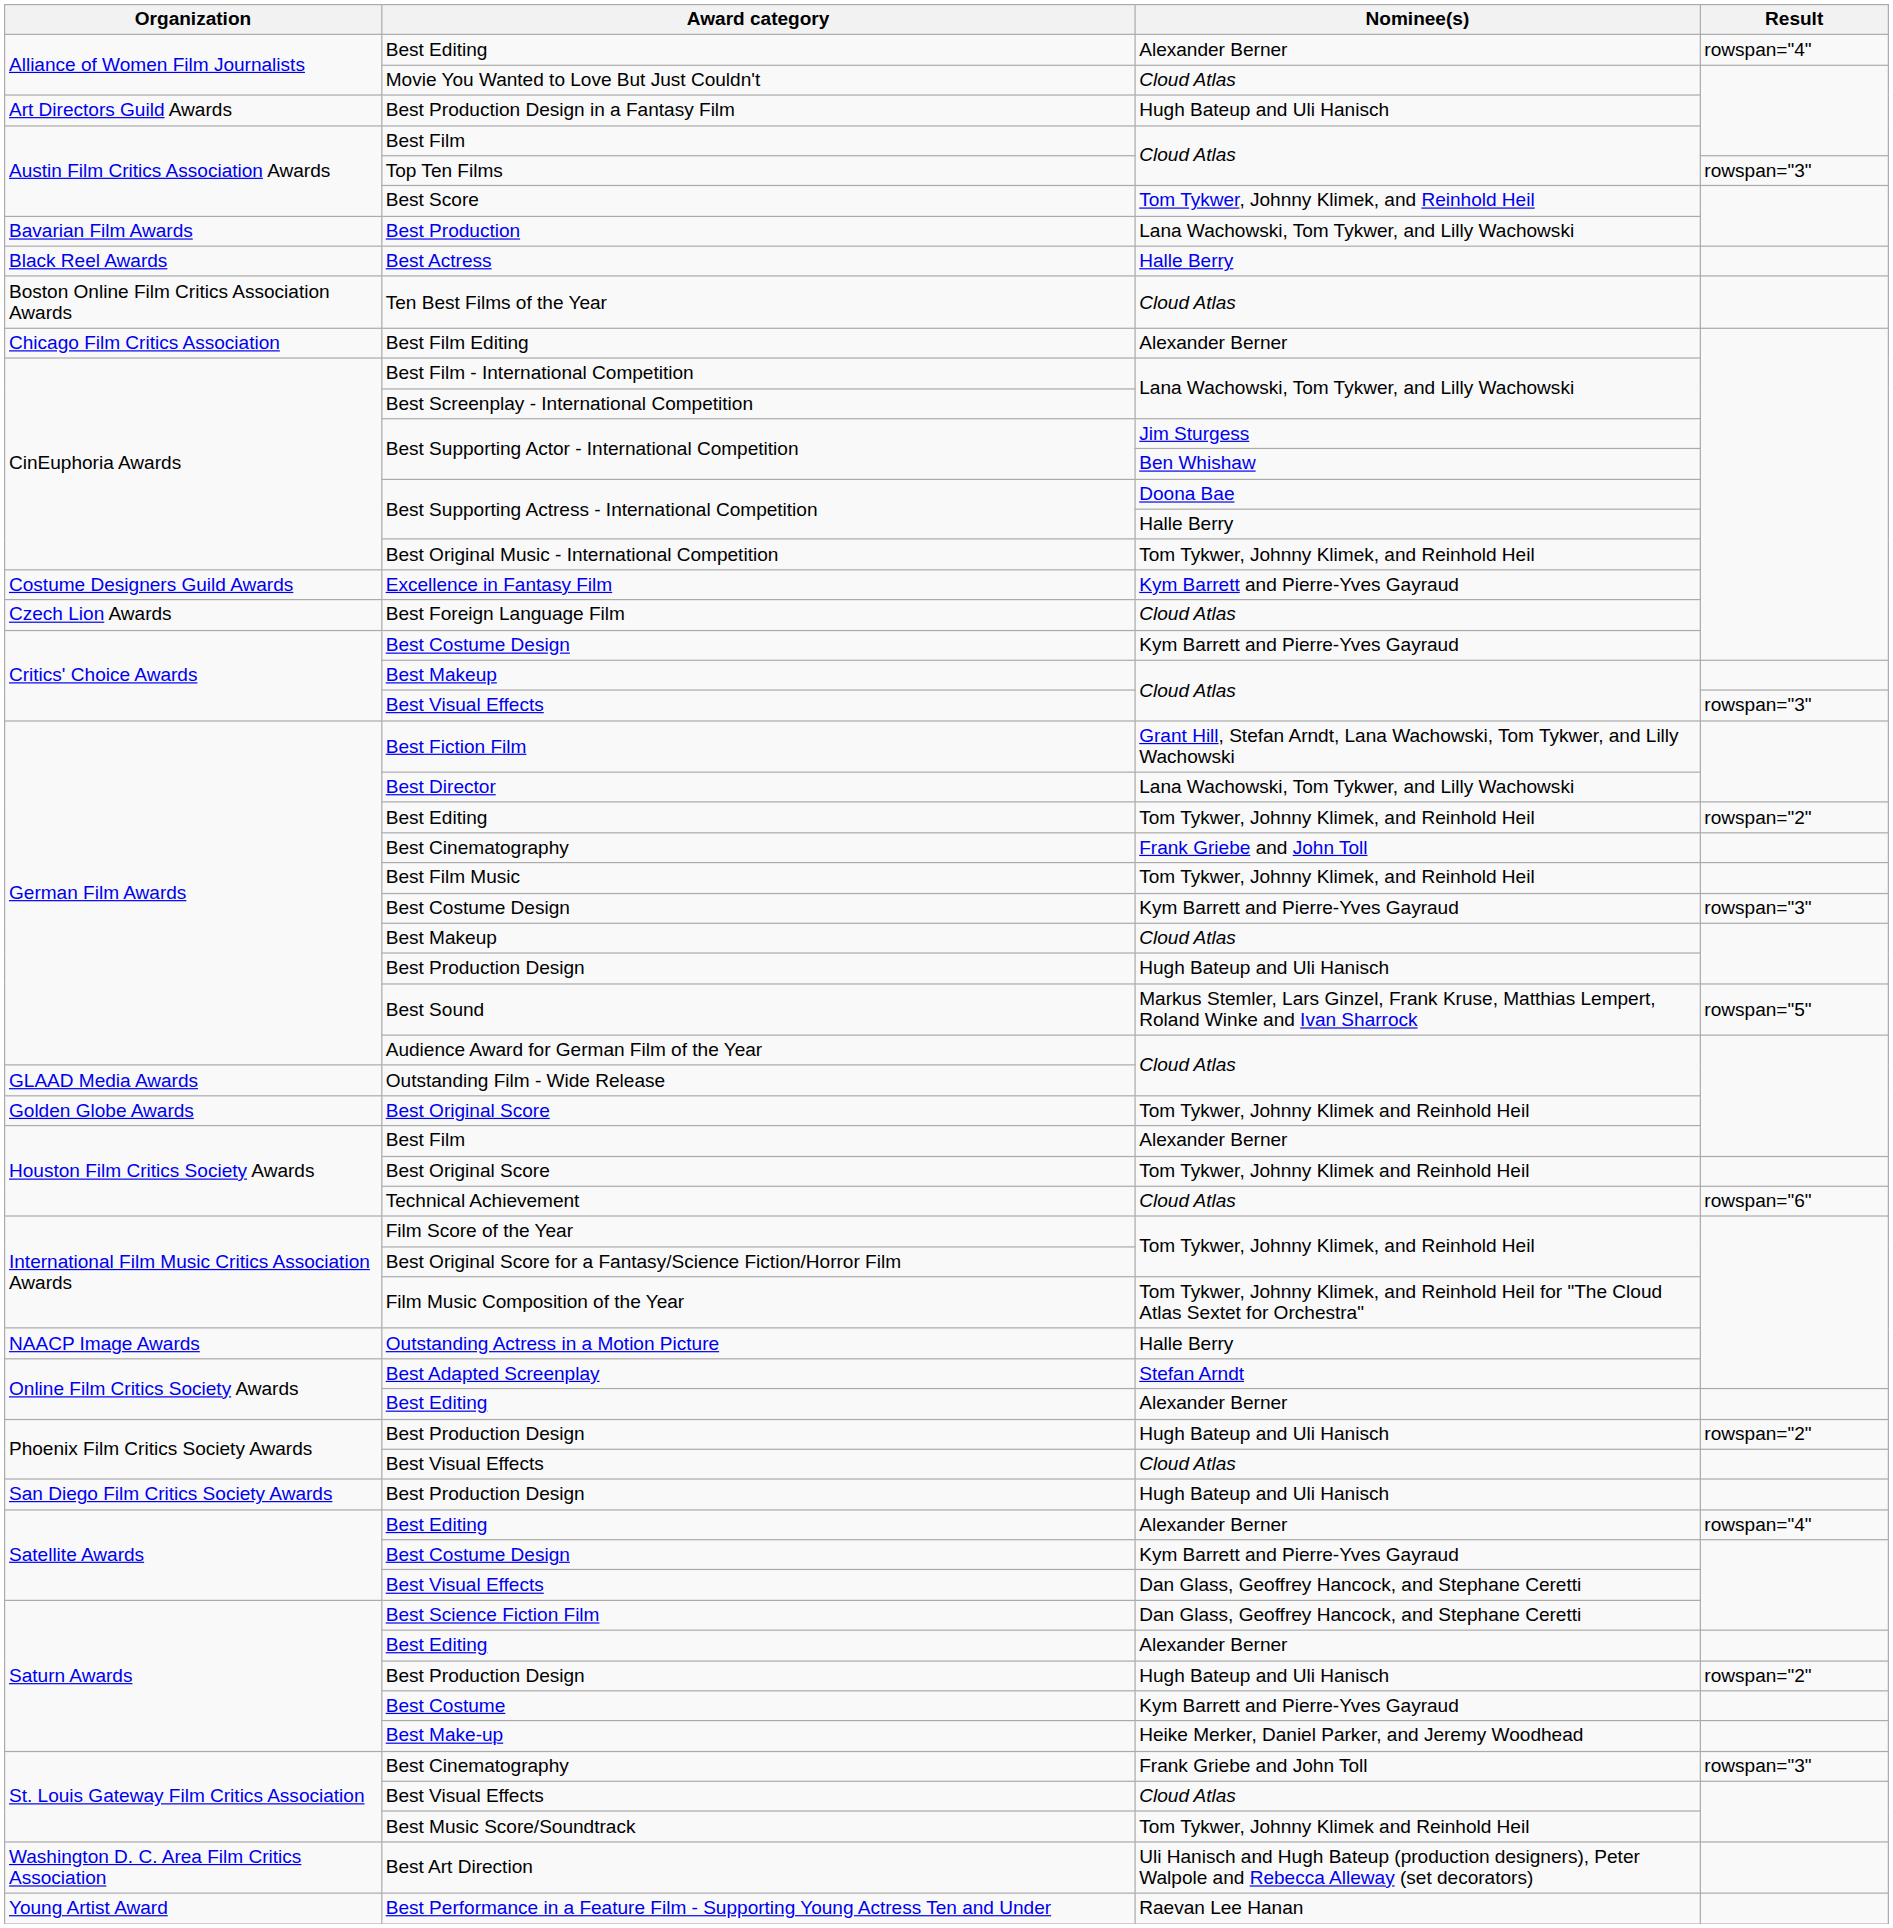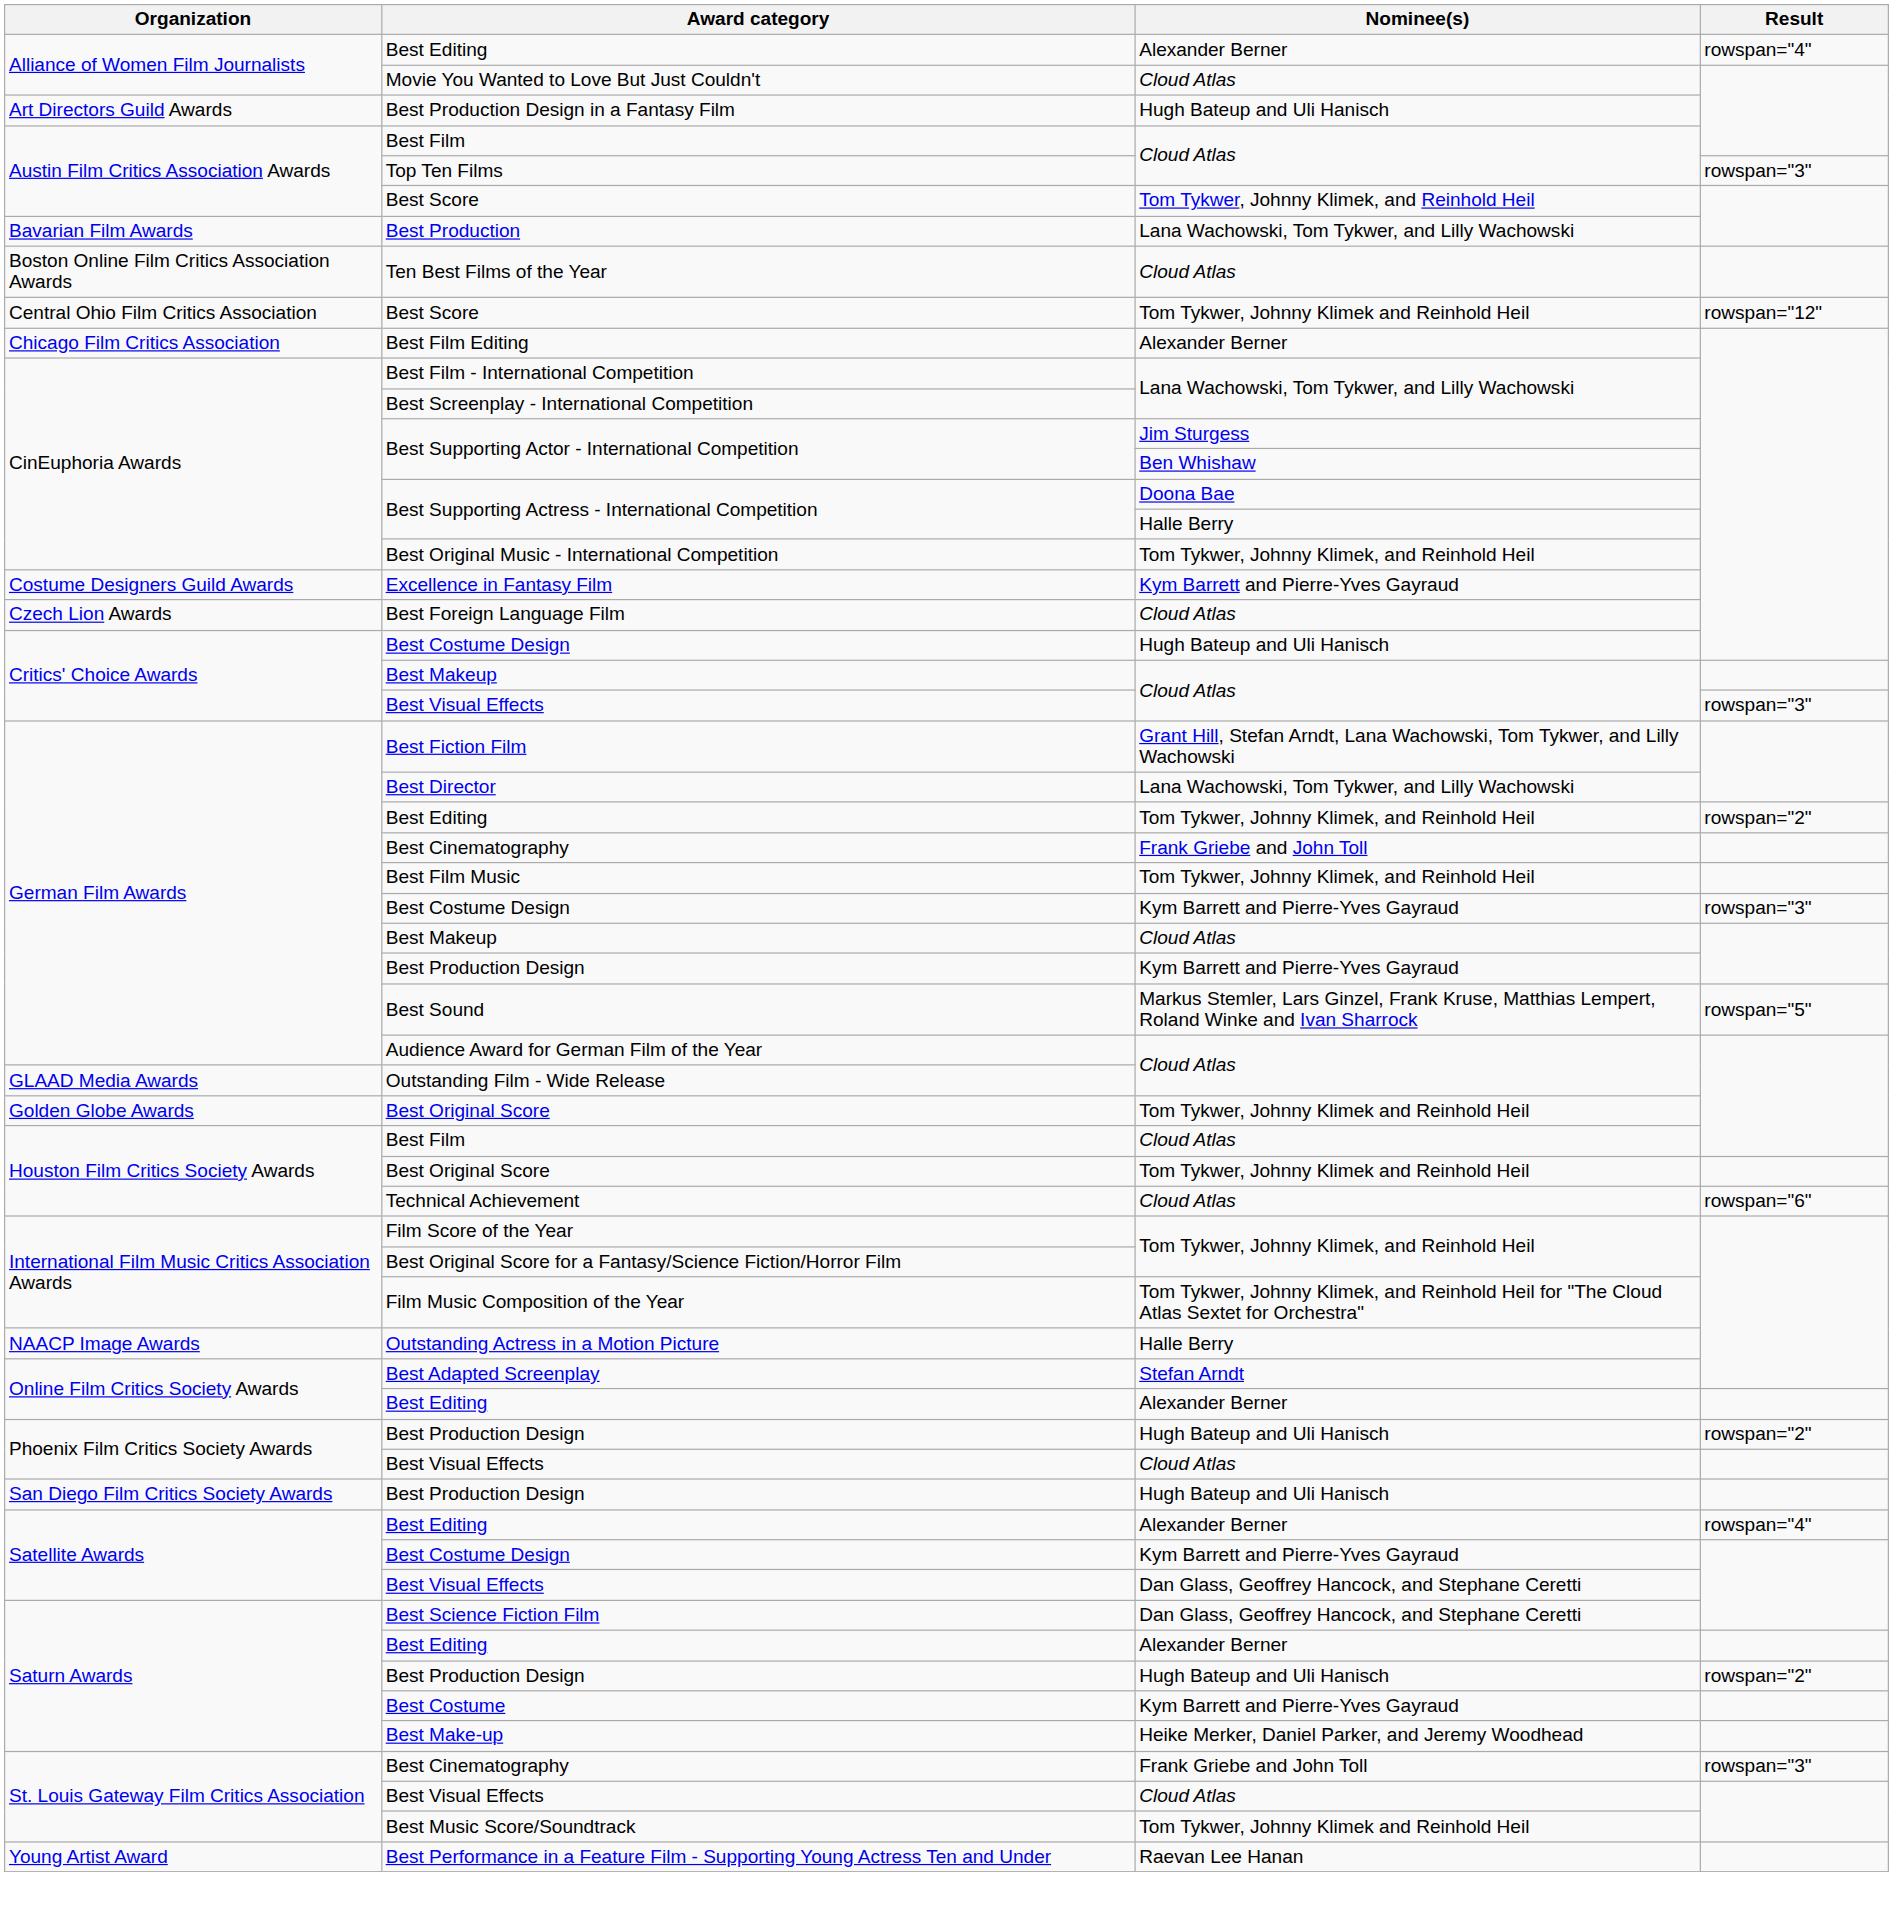 <table class="wikitable" style="width:100%; border-spacing: 5px;">
 <tr>
 <th style="width:20%;">Organization</th>
 <th style="width:40%;">Award category</th>
 <th style="width:30%;">Nominee(s)</th>
 <th style="width:10%;">Result</th>
 </tr>
 <tr>
 <td rowspan="2"><a href='#'>Alliance of Women Film Journalists</a></td>
 <td>Best Editing</td>
 <td>Alexander Berner</td>
 <td>rowspan="4" </td>
 </tr>
 <tr>
 <td>Movie You Wanted to Love But Just Couldn't</td>
 <td><em>Cloud Atlas</em></td>
 </tr>
 <tr>
 <td><a href='#'>Art Directors Guild</a> Awards</td>
 <td>Best Production Design in a Fantasy Film</td>
 <td>Hugh Bateup and Uli Hanisch</td>
 </tr>
 <tr>
 <td rowspan="3"><a href='#'>Austin Film Critics Association</a> Awards</td>
 <td>Best Film</td>
 <td rowspan=2><em>Cloud Atlas</em></td>
 </tr>
 <tr>
 <td>Top Ten Films</td>
 <td>rowspan="3" </td>
 </tr>
 <tr>
 <td>Best Score</td>
 <td><a href='#'>Tom Tykwer</a>, Johnny Klimek, and <a href='#'>Reinhold Heil</a></td>
 </tr>
 <tr>
 <td><a href='#'>Bavarian Film Awards</a></td>
 <td><a href='#'>Best Production</a></td>
 <td>Lana Wachowski, Tom Tykwer, and Lilly Wachowski</td>
 </tr>
 <tr>
-<td><a href='#'>Black Reel Awards</a></td>
-<td><a href='#'>Best Actress</a></td>
-<td><a href='#'>Halle Berry</a></td>
-<td></td>
-</tr>
-<tr>
 <td>Boston Online Film Critics Association Awards</td>
 <td>Ten Best Films of the Year</td>
 <td><em>Cloud Atlas</em></td>
 <td></td>
+</tr>
+<tr>
+<td>Central Ohio Film Critics Association</td>
+<td>Best Score</td>
+<td>Tom Tykwer, Johnny Klimek and Reinhold Heil</td>
+<td>rowspan="12" </td>
 </tr>
 <tr>
 <td><a href='#'>Chicago Film Critics Association</a></td>
 <td>Best Film Editing</td>
 <td>Alexander Berner</td>
 </tr>
 <tr>
 <td rowspan="7">CinEuphoria Awards</td>
 <td>Best Film - International Competition</td>
 <td rowspan="2">Lana Wachowski, Tom Tykwer, and Lilly Wachowski</td>
 </tr>
 <tr>
 <td>Best Screenplay - International Competition</td>
 </tr>
 <tr>
 <td rowspan="2">Best Supporting Actor - International Competition</td>
 <td><a href='#'>Jim Sturgess</a></td>
 </tr>
 <tr>
 <td><a href='#'>Ben Whishaw</a></td>
 </tr>
 <tr>
 <td rowspan="2">Best Supporting Actress - International Competition</td>
 <td><a href='#'>Doona Bae</a></td>
 </tr>
 <tr>
 <td>Halle Berry</td>
 </tr>
 <tr>
 <td>Best Original Music - International Competition</td>
 <td>Tom Tykwer, Johnny Klimek, and Reinhold Heil</td>
 </tr>
 <tr>
 <td><a href='#'>Costume Designers Guild Awards</a></td>
 <td><a href='#'>Excellence in Fantasy Film</a></td>
 <td><a href='#'>Kym Barrett</a> and Pierre-Yves Gayraud</td>
 </tr>
 <tr>
 <td><a href='#'>Czech Lion</a> Awards</td>
 <td>Best Foreign Language Film</td>
 <td><em>Cloud Atlas</em></td>
 </tr>
 <tr>
 <td rowspan="3"><a href='#'>Critics' Choice Awards</a></td>
 <td><a href='#'>Best Costume Design</a></td>
-<td>Kym Barrett and Pierre-Yves Gayraud</td>
+<td>Hugh Bateup and Uli Hanisch</td>
 </tr>
 <tr>
 <td><a href='#'>Best Makeup</a></td>
 <td rowspan="2"><em>Cloud Atlas</em></td>
 <td></td>
 </tr>
 <tr>
 <td><a href='#'>Best Visual Effects</a></td>
 <td>rowspan="3" </td>
 </tr>
 <tr>
 <td rowspan="10"><a href='#'>German Film Awards</a></td>
 <td><a href='#'>Best Fiction Film</a></td>
 <td><a href='#'>Grant Hill</a>, Stefan Arndt, Lana Wachowski, Tom Tykwer, and Lilly Wachowski</td>
 </tr>
 <tr>
 <td><a href='#'>Best Director</a></td>
 <td>Lana Wachowski, Tom Tykwer, and Lilly Wachowski</td>
 </tr>
 <tr>
 <td>Best Editing</td>
 <td>Tom Tykwer, Johnny Klimek, and Reinhold Heil</td>
 <td>rowspan="2" </td>
 </tr>
 <tr>
 <td>Best Cinematography</td>
 <td><a href='#'>Frank Griebe</a> and <a href='#'>John Toll</a></td>
 </tr>
 <tr>
 <td>Best Film Music</td>
 <td>Tom Tykwer, Johnny Klimek, and Reinhold Heil</td>
 <td></td>
 </tr>
 <tr>
 <td>Best Costume Design</td>
 <td>Kym Barrett and Pierre-Yves Gayraud</td>
 <td>rowspan="3" </td>
 </tr>
 <tr>
 <td>Best Makeup</td>
 <td><em>Cloud Atlas</em></td>
 </tr>
 <tr>
 <td>Best Production Design</td>
-<td>Hugh Bateup and Uli Hanisch</td>
+<td>Kym Barrett and Pierre-Yves Gayraud</td>
 </tr>
 <tr>
 <td>Best Sound</td>
 <td>Markus Stemler, Lars Ginzel, Frank Kruse, Matthias Lempert, Roland Winke and <a href='#'>Ivan Sharrock</a></td>
 <td>rowspan="5" </td>
 </tr>
 <tr>
 <td>Audience Award for German Film of the Year</td>
 <td rowspan=2><em>Cloud Atlas</em></td>
 </tr>
 <tr>
 <td><a href='#'>GLAAD Media Awards</a></td>
 <td>Outstanding Film - Wide Release</td>
 </tr>
 <tr>
 <td><a href='#'>Golden Globe Awards</a></td>
 <td><a href='#'>Best Original Score</a></td>
 <td>Tom Tykwer, Johnny Klimek and Reinhold Heil</td>
 </tr>
 <tr>
 <td rowspan="3"><a href='#'>Houston Film Critics Society</a> Awards</td>
 <td>Best Film</td>
-<td>Alexander Berner</td>
+<td><em>Cloud Atlas</em></td>
 </tr>
 <tr>
 <td>Best Original Score</td>
 <td>Tom Tykwer, Johnny Klimek and Reinhold Heil</td>
 <td></td>
 </tr>
 <tr>
 <td>Technical Achievement</td>
 <td><em>Cloud Atlas</em></td>
 <td>rowspan="6" </td>
 </tr>
 <tr>
 <td rowspan="3"><a href='#'>International Film Music Critics Association</a> Awards</td>
 <td>Film Score of the Year</td>
 <td rowspan=2>Tom Tykwer, Johnny Klimek, and Reinhold Heil</td>
 </tr>
 <tr>
 <td>Best Original Score for a Fantasy/Science Fiction/Horror Film</td>
 </tr>
 <tr>
 <td>Film Music Composition of the Year</td>
 <td>Tom Tykwer, Johnny Klimek, and Reinhold Heil for "The Cloud Atlas Sextet for Orchestra"</td>
 </tr>
 <tr>
 <td><a href='#'>NAACP Image Awards</a></td>
 <td><a href='#'>Outstanding Actress in a Motion Picture</a></td>
 <td>Halle Berry</td>
 </tr>
 <tr>
 <td rowspan=2><a href='#'>Online Film Critics Society</a> Awards</td>
 <td><a href='#'>Best Adapted Screenplay</a></td>
 <td><a href='#'>Stefan Arndt</a></td>
 </tr>
 <tr>
 <td><a href='#'>Best Editing</a></td>
 <td>Alexander Berner</td>
 <td></td>
 </tr>
 <tr>
 <td rowspan="2">Phoenix Film Critics Society Awards</td>
 <td>Best Production Design</td>
 <td>Hugh Bateup and Uli Hanisch</td>
 <td>rowspan="2" </td>
 </tr>
 <tr>
 <td>Best Visual Effects</td>
 <td><em>Cloud Atlas</em></td>
 </tr>
 <tr>
 <td><a href='#'>San Diego Film Critics Society Awards</a></td>
 <td>Best Production Design</td>
 <td>Hugh Bateup and Uli Hanisch</td>
 <td></td>
 </tr>
 <tr>
 <td rowspan="3"><a href='#'>Satellite Awards</a></td>
 <td><a href='#'>Best Editing</a></td>
 <td>Alexander Berner</td>
 <td>rowspan="4" </td>
 </tr>
 <tr>
 <td><a href='#'>Best Costume Design</a></td>
 <td>Kym Barrett and Pierre-Yves Gayraud</td>
 </tr>
 <tr>
 <td><a href='#'>Best Visual Effects</a></td>
 <td>Dan Glass, Geoffrey Hancock, and Stephane Ceretti</td>
 </tr>
 <tr>
 <td rowspan="5"><a href='#'>Saturn Awards</a></td>
 <td><a href='#'>Best Science Fiction Film</a></td>
 <td>Dan Glass, Geoffrey Hancock, and Stephane Ceretti</td>
 </tr>
 <tr>
 <td><a href='#'>Best Editing</a></td>
 <td>Alexander Berner</td>
 <td></td>
 </tr>
 <tr>
 <td>Best Production Design</td>
 <td>Hugh Bateup and Uli Hanisch</td>
 <td>rowspan="2" </td>
 </tr>
 <tr>
 <td><a href='#'>Best Costume</a></td>
 <td>Kym Barrett and Pierre-Yves Gayraud</td>
 </tr>
 <tr>
 <td><a href='#'>Best Make-up</a></td>
 <td>Heike Merker, Daniel Parker, and Jeremy Woodhead</td>
 <td></td>
 </tr>
 <tr>
 <td rowspan="3"><a href='#'>St. Louis Gateway Film Critics Association</a></td>
 <td>Best Cinematography</td>
 <td>Frank Griebe and John Toll</td>
 <td>rowspan="3" </td>
 </tr>
 <tr>
 <td>Best Visual Effects</td>
 <td><em>Cloud Atlas</em></td>
 </tr>
 <tr>
 <td>Best Music Score/Soundtrack</td>
 <td>Tom Tykwer, Johnny Klimek and Reinhold Heil</td>
 </tr>
 <tr>
-<td><a href='#'>Washington D. C. Area Film Critics Association</a></td>
-<td>Best Art Direction</td>
-<td>Uli Hanisch and Hugh Bateup (production designers), Peter Walpole and <a href='#'>Rebecca Alleway</a> (set decorators)</td>
-<td></td>
-</tr>
-<tr>
 <td><a href='#'>Young Artist Award</a></td>
 <td><a href='#'>Best Performance in a Feature Film - Supporting Young Actress Ten and Under</a></td>
 <td>Raevan Lee Hanan</td>
 <td></td>
 </tr>
 </table>
